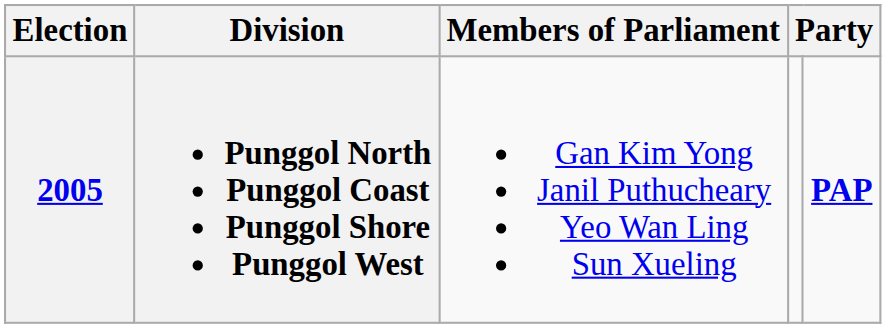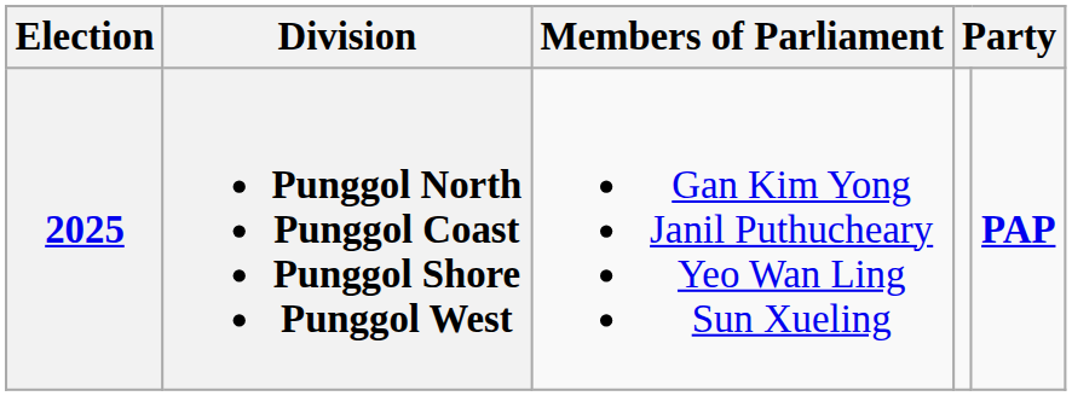 <table class="wikitable" align="center" style="text-align:center">
 <tr>
 <th>Election</th>
 <th>Division</th>
 <th>Members of Parliament</th>
 <th colspan="2">Party</th>
 </tr>
 <tr>
-<th><a href='#'>2005</a></th>
+<th><a href='#'>2025</a></th>
 <th><br><ul><li>Punggol North</li><li>Punggol Coast</li><li>Punggol Shore</li><li>Punggol West</li></ul></th>
 <td><br><ul><li><a href='#'>Gan Kim Yong</a></li><li><a href='#'>Janil Puthucheary</a></li><li><a href='#'>Yeo Wan Ling</a></li><li><a href='#'>Sun Xueling</a></li></ul></td>
 <td rowspan="1"></td>
 <td rowspan="1"><strong><a href='#'>PAP</a></strong></td>
 </tr>
 </table>
